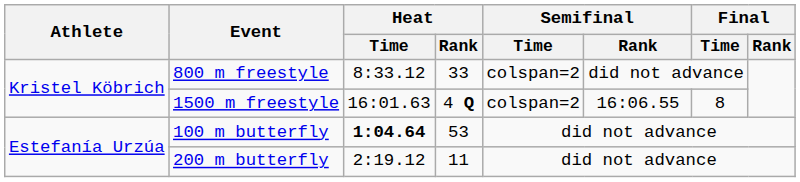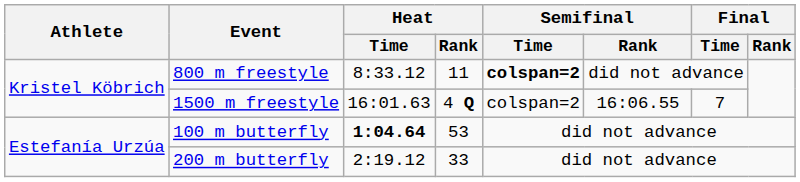 <table class=wikitable style="font-size:90%">
 <tr>
 <th rowspan="2">Athlete</th>
 <th rowspan="2">Event</th>
 <th colspan="2">Heat</th>
 <th colspan="2">Semifinal</th>
 <th colspan="2">Final</th>
 </tr>
 <tr style="font-size:95%">
 <th>Time</th>
 <th>Rank</th>
 <th>Time</th>
 <th>Rank</th>
 <th>Time</th>
 <th>Rank</th>
 </tr>
 <tr align=center>
 <td align=left rowspan=2><a href='#'>Kristel Köbrich</a></td>
 <td align=left><a href='#'>800 m freestyle</a></td>
 <td>8:33.12</td>
-<td>33</td>
-<td>colspan=2 </td>
+<td>11</td>
+<td><strong>colspan=2 </strong></td>
 <td colspan=2>did not advance</td>
 </tr>
 <tr align=center>
 <td align=left><a href='#'>1500 m freestyle</a></td>
 <td>16:01.63</td>
 <td>4 <strong>Q</strong></td>
 <td>colspan=2 </td>
 <td>16:06.55</td>
-<td>8</td>
+<td>7</td>
 </tr>
 <tr align=center>
 <td align=left rowspan=2><a href='#'>Estefanía Urzúa</a></td>
 <td align=left><a href='#'>100 m butterfly</a></td>
 <td><strong>1:04.64</strong></td>
 <td>53</td>
 <td colspan=4>did not advance</td>
 </tr>
 <tr align=center>
 <td align=left><a href='#'>200 m butterfly</a></td>
 <td>2:19.12</td>
-<td>11</td>
+<td>33</td>
 <td colspan=4>did not advance</td>
 </tr>
 </table>
